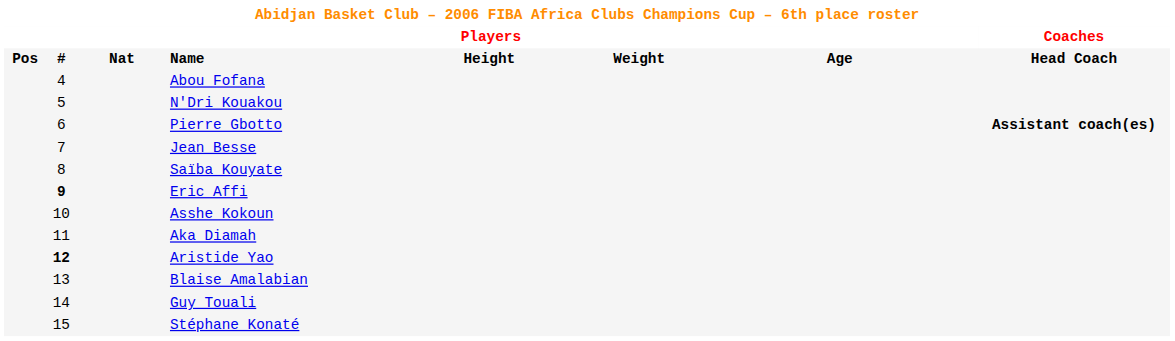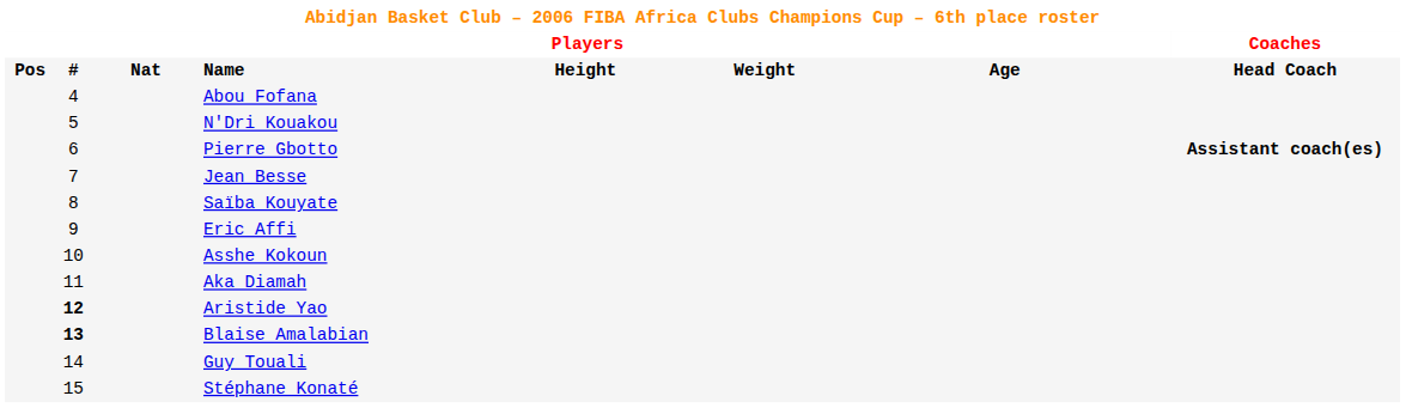 <table border=0 cellpadding=2 cellspacing=0  |- bgcolor=#f5f5f5 style="text-align:center; font-size:90%;" width=75%>
 <tr>
 <td colspan="8" style="background: white; color: #ff8c00"><strong>Abidjan Basket Club – 2006 FIBA Africa Clubs Champions Cup – 6th place roster</strong></td>
 </tr>
 <tr>
 <td colspan="7" style="background: white; color: red"><strong>Players</strong></td>
 <td style="background: white; color: red"><strong>Coaches</strong></td>
 </tr>
 <tr style="background=#f5f5f5; color: black">
 <th width=5px>Pos</th>
 <th width=5px>#</th>
 <th width=50px>Nat</th>
 <th width=135px align=left>Name</th>
 <th width=100px>Height</th>
 <th width=70px>Weight</th>
 <th width=160px>Age</th>
 <th width=110px>Head Coach</th>
 </tr>
 <tr>
 <td></td>
 <td>4</td>
 <td></td>
 <td align=left><a href='#'>Abou Fofana</a></td>
 <td></td>
 <td></td>
 <td><span></span></td>
 <td></td>
 </tr>
 <tr>
 <td></td>
 <td>5</td>
 <td></td>
 <td align=left><a href='#'>N'Dri Kouakou</a></td>
 <td></td>
 <td></td>
 <td><span></span></td>
 </tr>
 <tr>
 <td></td>
 <td>6</td>
 <td></td>
 <td align=left><a href='#'>Pierre Gbotto</a></td>
 <td></td>
 <td></td>
 <td><span></span></td>
 <td><strong>Assistant coach(es)</strong></td>
 </tr>
 <tr>
 <td></td>
 <td>7</td>
 <td></td>
 <td align=left><a href='#'>Jean Besse</a></td>
 <td></td>
 <td></td>
 <td><span></span></td>
 <td></td>
 </tr>
 <tr>
 <td></td>
 <td>8</td>
 <td></td>
 <td align=left><a href='#'>Saïba Kouyate</a></td>
 <td></td>
 <td></td>
 <td><span></span></td>
 </tr>
 <tr>
 <td></td>
-<td><strong>9</strong></td>
+<td>9</td>
 <td></td>
 <td align=left><a href='#'>Eric Affi</a></td>
 <td></td>
 <td></td>
 <td><span></span></td>
 </tr>
 <tr>
 <td></td>
 <td>10</td>
 <td></td>
 <td align=left><a href='#'>Asshe Kokoun</a></td>
 <td></td>
 <td></td>
 <td><span></span></td>
 </tr>
 <tr>
 <td></td>
 <td>11</td>
 <td></td>
 <td align=left><a href='#'>Aka Diamah</a></td>
 <td></td>
 <td></td>
 <td><span></span></td>
 </tr>
 <tr>
 <td></td>
 <td><strong>12</strong></td>
 <td></td>
 <td align=left><a href='#'>Aristide Yao</a></td>
 <td></td>
 <td></td>
 <td><span></span></td>
 </tr>
 <tr>
 <td></td>
-<td>13</td>
+<td><strong>13</strong></td>
 <td></td>
 <td align=left><a href='#'>Blaise Amalabian</a></td>
 <td></td>
 <td></td>
 <td><span></span></td>
 </tr>
 <tr>
 <td></td>
 <td>14</td>
 <td></td>
 <td align=left><a href='#'>Guy Touali</a></td>
 <td></td>
 <td></td>
 <td><span></span></td>
 </tr>
 <tr>
 <td></td>
 <td>15</td>
 <td></td>
 <td align=left><a href='#'>Stéphane Konaté</a></td>
 <td><span></span></td>
 <td><span></span></td>
 <td><span></span></td>
 </tr>
 </table>
